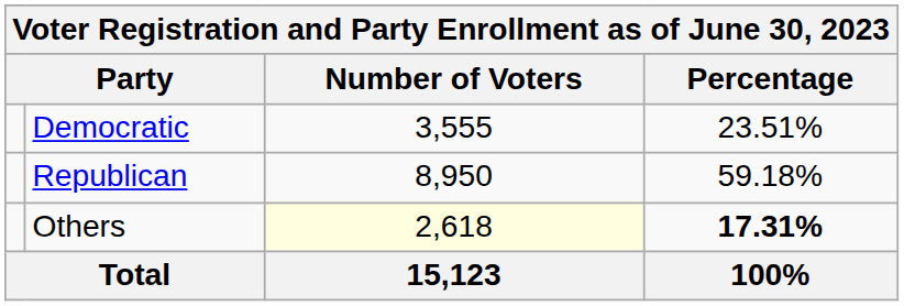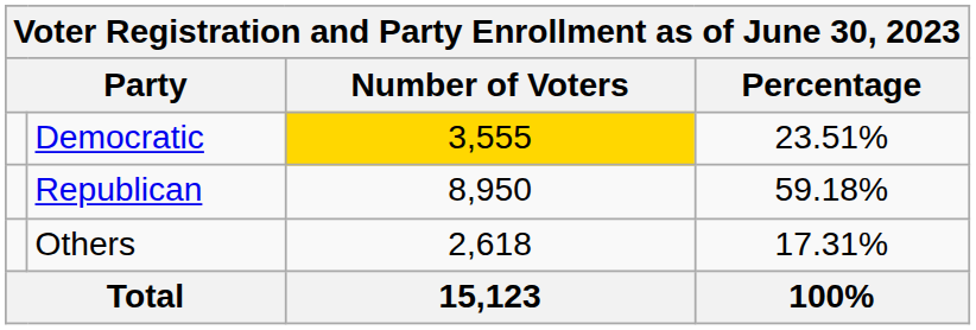 <table class=wikitable>
 <tr>
 <th colspan = 6>Voter Registration and Party Enrollment as of June 30, 2023</th>
 </tr>
 <tr>
 <th colspan = 2>Party</th>
 <th>Number of Voters</th>
 <th>Percentage</th>
 </tr>
 <tr>
 <td></td>
 <td><a href='#'>Democratic</a></td>
-<td align = center>3,555</td>
+<td align = center style="background: gold;">3,555</td>
 <td align = center>23.51%</td>
 </tr>
 <tr>
 <td></td>
 <td><a href='#'>Republican</a></td>
 <td align = center>8,950</td>
 <td align = center>59.18%</td>
 </tr>
 <tr>
 <td></td>
 <td>Others</td>
-<td align = center style="background: lightyellow;">2,618</td>
-<td align = center><strong>17.31%</strong></td>
+<td align = center>2,618</td>
+<td align = center>17.31%</td>
 </tr>
 <tr>
 <th colspan = 2>Total</th>
 <th align = center>15,123</th>
 <th align = center>100%</th>
 </tr>
 </table>
